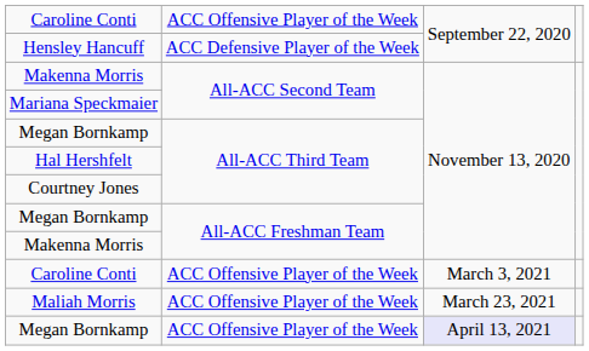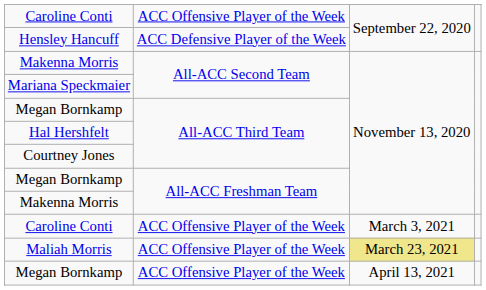 <table class="wikitable sortable" style="text-align: center">
 <tr>
 <td><a href='#'>Caroline Conti</a></td>
 <td><a href='#'>ACC Offensive Player of the Week</a></td>
 <td rowspan=2>September 22, 2020</td>
 <td rowspan=2></td>
 </tr>
 <tr>
 <td><a href='#'>Hensley Hancuff</a></td>
 <td><a href='#'>ACC Defensive Player of the Week</a></td>
 </tr>
 <tr>
 <td><a href='#'>Makenna Morris</a></td>
 <td rowspan=2><a href='#'>All-ACC Second Team</a></td>
 <td rowspan=7>November 13, 2020</td>
 <td rowspan=7></td>
 </tr>
 <tr>
 <td><a href='#'>Mariana Speckmaier</a></td>
 </tr>
 <tr>
 <td>Megan Bornkamp</td>
 <td rowspan=3><a href='#'>All-ACC Third Team</a></td>
 </tr>
 <tr>
 <td><a href='#'>Hal Hershfelt</a></td>
 </tr>
 <tr>
 <td>Courtney Jones</td>
 </tr>
 <tr>
 <td>Megan Bornkamp</td>
 <td rowspan=2><a href='#'>All-ACC Freshman Team</a></td>
 </tr>
 <tr>
 <td>Makenna Morris</td>
 </tr>
 <tr>
 <td><a href='#'>Caroline Conti</a></td>
 <td><a href='#'>ACC Offensive Player of the Week</a></td>
 <td>March 3, 2021</td>
 <td></td>
 </tr>
 <tr>
 <td><a href='#'>Maliah Morris</a></td>
 <td><a href='#'>ACC Offensive Player of the Week</a></td>
-<td>March 23, 2021</td>
+<td style="background: khaki;">March 23, 2021</td>
 <td></td>
 </tr>
 <tr>
 <td>Megan Bornkamp</td>
 <td><a href='#'>ACC Offensive Player of the Week</a></td>
-<td style="background: lavender;">April 13, 2021</td>
+<td>April 13, 2021</td>
 <td></td>
 </tr>
 </table>
